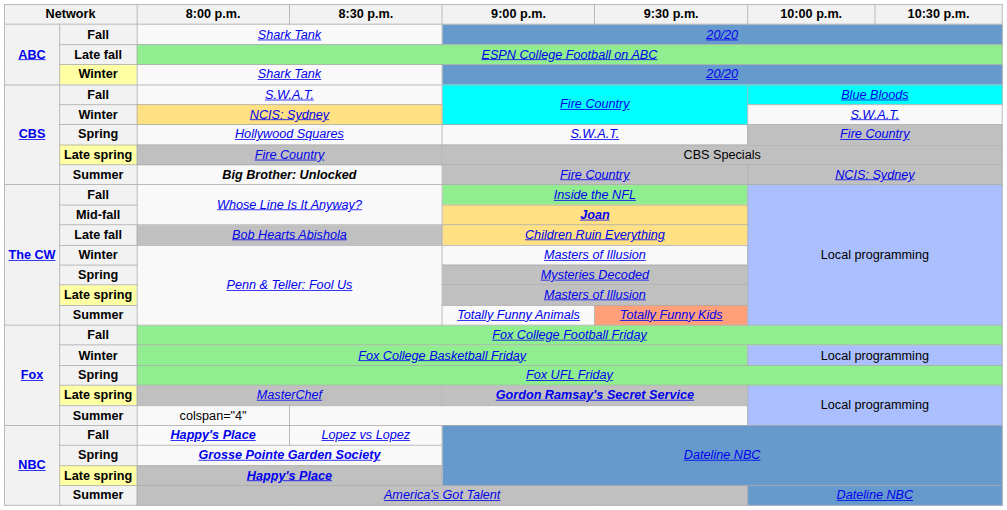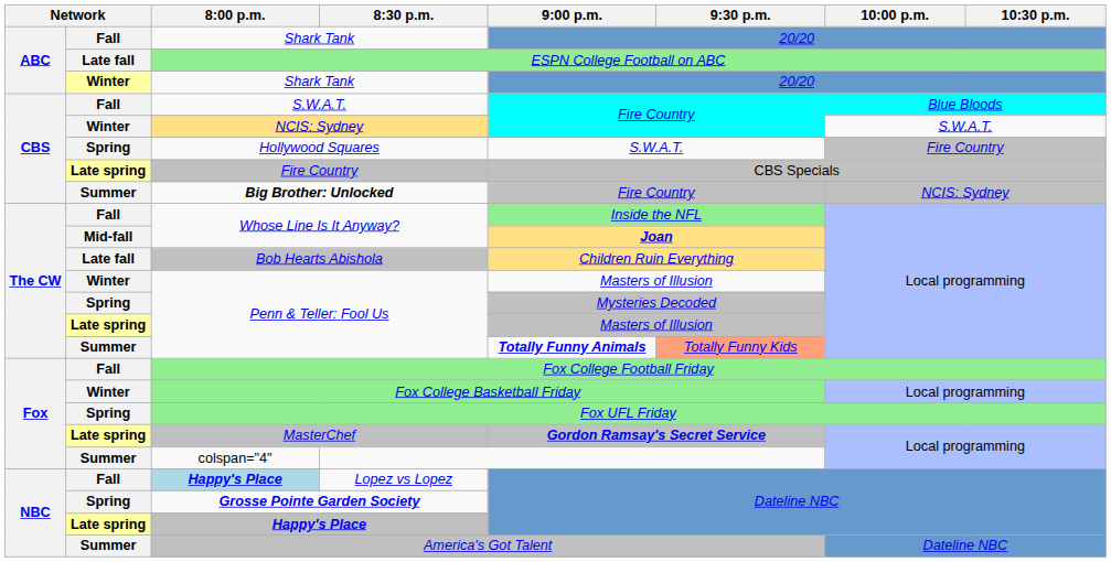 <table class="wikitable" style="width:100%;margin-right:0;text-align:center">
 <tr>
 <th colspan="2" style="width:13%;">Network</th>
 <th style="width:15%;">8:00 p.m.</th>
 <th style="width:15%;">8:30 p.m.</th>
 <th style="width:15%;">9:00 p.m.</th>
 <th style="width:15%;">9:30 p.m.</th>
 <th style="width:12.5%;">10:00 p.m.</th>
 <th style="width:12.5%;">10:30 p.m.</th>
 </tr>
 <tr>
 <th rowspan="3"><a href='#'>ABC</a></th>
 <th>Fall</th>
 <td colspan="2"><em><a href='#'>Shark Tank</a></em></td>
 <td colspan="4" style="background:#6699CC;"><em><a href='#'>20/20</a></em></td>
 </tr>
 <tr>
 <th>Late fall</th>
 <td colspan="6" style="background:lightgreen"><em><a href='#'>ESPN College Football on ABC</a></em></td>
 </tr>
 <tr>
 <th style="background:#FFFFA3;">Winter</th>
 <td colspan="2"><em><a href='#'>Shark Tank</a></em></td>
 <td colspan="4" style="background:#6699CC;"><em><a href='#'>20/20</a></em></td>
 </tr>
 <tr>
 <th rowspan="5"><a href='#'>CBS</a></th>
 <th>Fall</th>
 <td colspan="2"><em><a href='#'>S.W.A.T.</a></em></td>
 <td rowspan="2" colspan="2" style="background:cyan;"><em><a href='#'>Fire Country</a></em> </td>
 <td colspan="2" style="background:cyan;"><em><a href='#'>Blue Bloods</a></em> </td>
 </tr>
 <tr>
 <th>Winter</th>
 <td colspan="2" style="background:#FFE082;"><em><a href='#'>NCIS: Sydney</a></em></td>
 <td colspan="2"><em><a href='#'>S.W.A.T.</a></em></td>
 </tr>
 <tr>
 <th>Spring</th>
 <td colspan="2"><em><a href='#'>Hollywood Squares</a></em></td>
 <td colspan="2"><em><a href='#'>S.W.A.T.</a></em></td>
 <td colspan="2" style="background:#C0C0C0;"><em><a href='#'>Fire Country</a></em> </td>
 </tr>
 <tr>
 <th style="background:#FFFFA3;">Late spring</th>
 <td colspan="2" style="background:#C0C0C0;"><em><a href='#'>Fire Country</a></em> </td>
 <td colspan="4" style="background:#C0C0C0;">CBS Specials</td>
 </tr>
 <tr>
 <th>Summer</th>
 <td colspan="2"><strong><em>Big Brother: Unlocked</em></strong> </td>
 <td colspan="2" style="background:#C0C0C0;"><em><a href='#'>Fire Country</a></em>  </td>
 <td colspan="2" style="background:#C0C0C0;"><em><a href='#'>NCIS: Sydney</a></em>  </td>
 </tr>
 <tr>
 <th rowspan="7"><a href='#'>The CW</a></th>
 <th>Fall</th>
 <td rowspan="2" colspan="2"><em><a href='#'>Whose Line Is It Anyway?</a></em></td>
 <td colspan="2" style="background:lightgreen;"><em><a href='#'>Inside the NFL</a></em></td>
 <td rowspan="7" colspan="2" style="background:#abbfff;">Local programming</td>
 </tr>
 <tr>
 <th>Mid-fall</th>
 <td colspan="2" style="background:#FFE082;"><strong><em><a href='#'>Joan</a></em></strong></td>
 </tr>
 <tr>
 <th>Late fall</th>
 <td colspan="2" style="background:#C0C0C0;"><em><a href='#'>Bob Hearts Abishola</a></em> </td>
 <td colspan="2" style="background:#FFE082;"><em><a href='#'>Children Ruin Everything</a></em></td>
 </tr>
 <tr>
 <th>Winter</th>
 <td rowspan="4" colspan="2"><em><a href='#'>Penn & Teller: Fool Us</a></em></td>
 <td colspan="2"><em><a href='#'>Masters of Illusion</a></em></td>
 </tr>
 <tr>
 <th>Spring</th>
 <td colspan="2" style="background:#C0C0C0;"><em><a href='#'>Mysteries Decoded</a></em> </td>
 </tr>
 <tr>
 <th style="background:#FFFFA3;">Late spring</th>
 <td colspan="2" style="background:#C0C0C0;"><em><a href='#'>Masters of Illusion</a></em> </td>
 </tr>
 <tr>
 <th>Summer</th>
-<td><em><a href='#'>Totally Funny Animals</a></em> </td>
+<td><strong><em><a href='#'>Totally Funny Animals</a></em> </strong></td>
 <td style="background: lightsalmon;"><em><a href='#'>Totally Funny Kids</a></em> </td>
 </tr>
 <tr>
 <th rowspan="5"><a href='#'>Fox</a></th>
 <th>Fall</th>
 <td colspan="6" style="background:lightgreen"><em><a href='#'>Fox College Football Friday</a></em></td>
 </tr>
 <tr>
 <th>Winter</th>
 <td colspan="4" style="background:lightgreen"><em><a href='#'>Fox College Basketball Friday</a></em></td>
 <td colspan="2" style="background:#abbfff;">Local programming</td>
 </tr>
 <tr>
 <th>Spring</th>
 <td colspan="6" style="background:lightgreen"><em><a href='#'>Fox UFL Friday</a></em></td>
 </tr>
 <tr>
 <th style="background:#FFFFA3;">Late spring</th>
 <td colspan="2" style="background:#C0C0C0;"><em><a href='#'>MasterChef</a></em>  </td>
 <td colspan="2" style="background:#C0C0C0;"><strong><em><a href='#'>Gordon Ramsay's Secret Service</a></em></strong>  </td>
 <td rowspan="2" colspan="2" style="background:#abbfff;">Local programming</td>
 </tr>
 <tr>
 <th>Summer</th>
 <td>colspan="4"  </td>
 </tr>
 <tr>
 <th rowspan="5"><a href='#'>NBC</a></th>
 <th>Fall</th>
-<td><strong><em><a href='#'>Happy's Place</a></em></strong></td>
+<td style="background: lightblue;"><strong><em><a href='#'>Happy's Place</a></em></strong></td>
 <td><em><a href='#'>Lopez vs Lopez</a></em></td>
 <td rowspan="3" colspan="4" style="background:#6699CC;"><em><a href='#'>Dateline NBC</a></em></td>
 </tr>
 <tr>
 <th>Spring</th>
 <td colspan="2"><strong><em><a href='#'>Grosse Pointe Garden Society</a></em></strong></td>
 </tr>
 <tr>
 <th style="background:#FFFFA3;">Late spring</th>
 <td colspan="2" style="background:#C0C0C0;"><strong><em><a href='#'>Happy's Place</a></em></strong> </td>
 </tr>
 <tr>
 <th>Summer</th>
 <td colspan="4" style="background:#C0C0C0;"><em><a href='#'>America's Got Talent</a></em>  </td>
 <td colspan="2" style="background:#6699CC;"><em><a href='#'>Dateline NBC</a></em> </td>
 </tr>
 </table>
